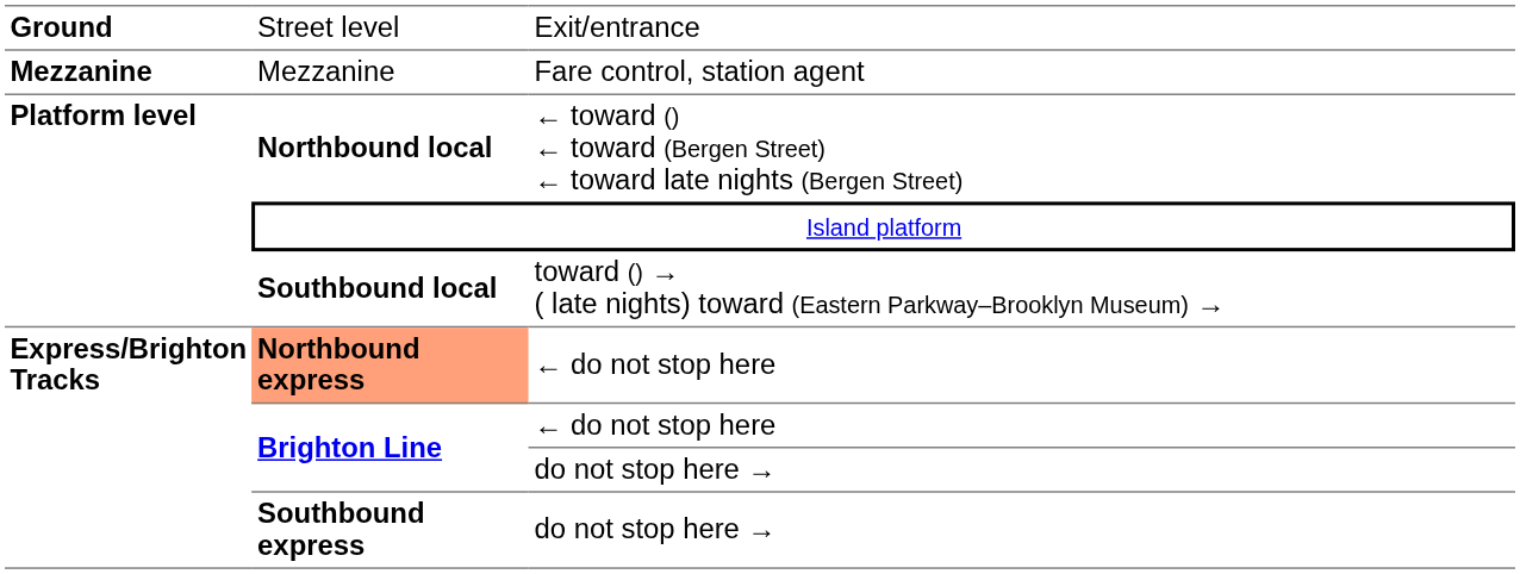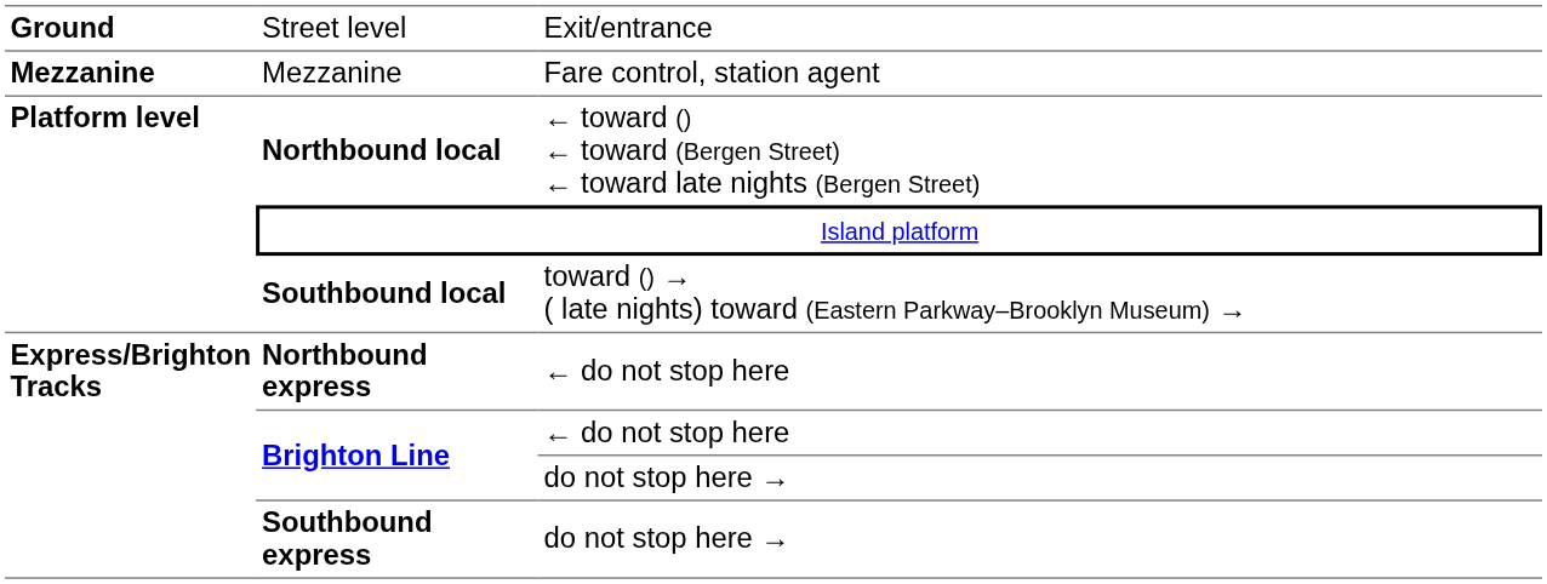 <table table border=0 cellspacing=0 cellpadding=3>
 <tr>
 <td style="border-top:solid 1px gray;" width=50><strong>Ground</strong></td>
 <td style="border-top:solid 1px gray;" width=150>Street level</td>
 <td style="border-top:solid 1px gray;" width=550>Exit/entrance</td>
 </tr>
 <tr>
 <td style="border-top:solid 1px gray;"><strong>Mezzanine</strong></td>
 <td style="border-top:solid 1px gray;">Mezzanine</td>
 <td style="border-top:solid 1px gray;">Fare control, station agent</td>
 </tr>
 <tr>
 <td style="border-top:solid 1px gray;border-bottom:solid 1px gray;" rowspan=3 valign=top><strong>Platform level</strong></td>
 <td style="border-top:solid 1px gray;"><span><strong>Northbound local</strong></span></td>
 <td style="border-top:solid 1px gray;">←  toward  <small>()</small><br>←  toward  <small>(Bergen Street)</small><br>←  toward  late nights <small>(Bergen Street)</small></td>
 </tr>
 <tr>
 <td style="border-top:solid 2px black;border-right:solid 2px black;border-left:solid 2px black;border-bottom:solid 2px black;text-align:center;" colspan=2><small><a href='#'>Island platform</a></small></td>
 </tr>
 <tr>
 <td style="border-bottom:solid 1px gray;"><span><strong>Southbound local </strong></span></td>
 <td style="border-bottom:solid 1px gray;">  toward  <small>()</small> →<br>  ( late nights) toward  <small>(Eastern Parkway–Brooklyn Museum)</small> →</td>
 </tr>
 <tr>
 <td style="border-bottom:solid 1px gray;" rowspan=4 valign=top><strong>Express/Brighton Tracks</strong></td>
-<td style="background: lightsalmon; border-bottom:solid 1px gray;"><span><strong>Northbound express</strong></span></td>
+<td style="border-bottom:solid 1px gray;"><span><strong>Northbound express</strong></span></td>
 <td style="border-bottom:solid 1px gray;">←  do not stop here</td>
 </tr>
 <tr>
 <td style="border-bottom:solid 1px gray;" rowspan=2><strong><a href='#'>Brighton Line</a></strong></td>
 <td style="border-bottom:solid 1px gray;">←  do not stop here</td>
 </tr>
 <tr>
 <td style="border-bottom:solid 1px gray;">  do not stop here →</td>
 </tr>
 <tr>
 <td style="border-bottom:solid 1px gray;"><span><strong>Southbound express</strong></span></td>
 <td style="border-bottom:solid 1px gray;">  do not stop here →</td>
 </tr>
 </table>
